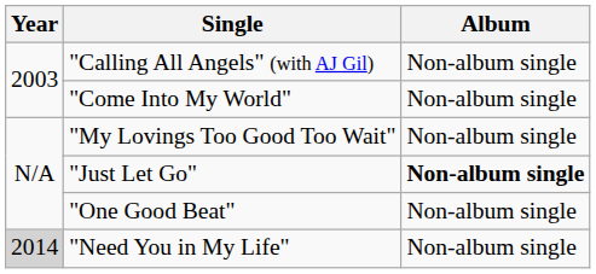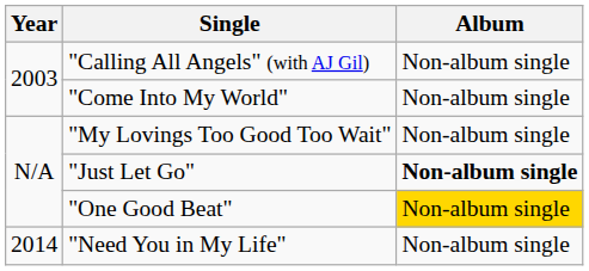 <table class="wikitable" style="text-align:center;">
 <tr>
 <th>Year</th>
 <th>Single</th>
 <th>Album</th>
 </tr>
 <tr>
 <td rowspan="2">2003</td>
 <td align="left">"Calling All Angels" <small>(with <a href='#'>AJ Gil</a>)</small></td>
 <td align="left">Non-album single</td>
 </tr>
 <tr>
 <td align="left">"Come Into My World"</td>
 <td align="left">Non-album single</td>
 </tr>
 <tr>
 <td rowspan="3">N/A</td>
 <td align="left">"My Lovings Too Good Too Wait"</td>
 <td align="left">Non-album single</td>
 </tr>
 <tr>
 <td align="left">"Just Let Go"</td>
 <td align="left"><strong>Non-album single</strong></td>
 </tr>
 <tr>
 <td align="left">"One Good Beat"</td>
-<td align="left">Non-album single</td>
+<td align="left" style="background: gold;">Non-album single</td>
 </tr>
 <tr>
-<td style="background: lightgrey;">2014</td>
+<td>2014</td>
 <td align="left">"Need You in My Life"</td>
 <td align="left">Non-album single</td>
 </tr>
 </table>
